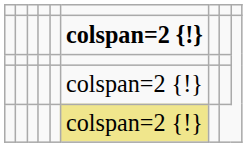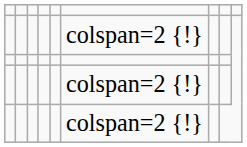 <table class="wikitable letters-teal">
 <tr>
 <td></td>
 <td></td>
 <td></td>
 <td></td>
 <td></td>
 <td></td>
 <td></td>
 <td></td>
 <td></td>
 </tr>
 <tr>
 <td></td>
 <td></td>
 <td></td>
 <td></td>
 <td></td>
-<td><strong>colspan=2 {!} </strong></td>
+<td>colspan=2 {!} </td>
 <td></td>
 <td></td>
 </tr>
 <tr>
 <td></td>
 <td></td>
 <td></td>
 <td></td>
 <td></td>
 <td></td>
 <td></td>
 <td></td>
 </tr>
 <tr>
 <td></td>
 <td></td>
 <td></td>
 <td></td>
 <td></td>
 <td>colspan=2 {!} </td>
 <td></td>
 <td></td>
 </tr>
 <tr>
 <td></td>
 <td></td>
 <td></td>
 <td></td>
 <td></td>
-<td style="background: khaki;">colspan=2 {!} </td>
+<td>colspan=2 {!} </td>
 <td></td>
 </tr>
 </table>
